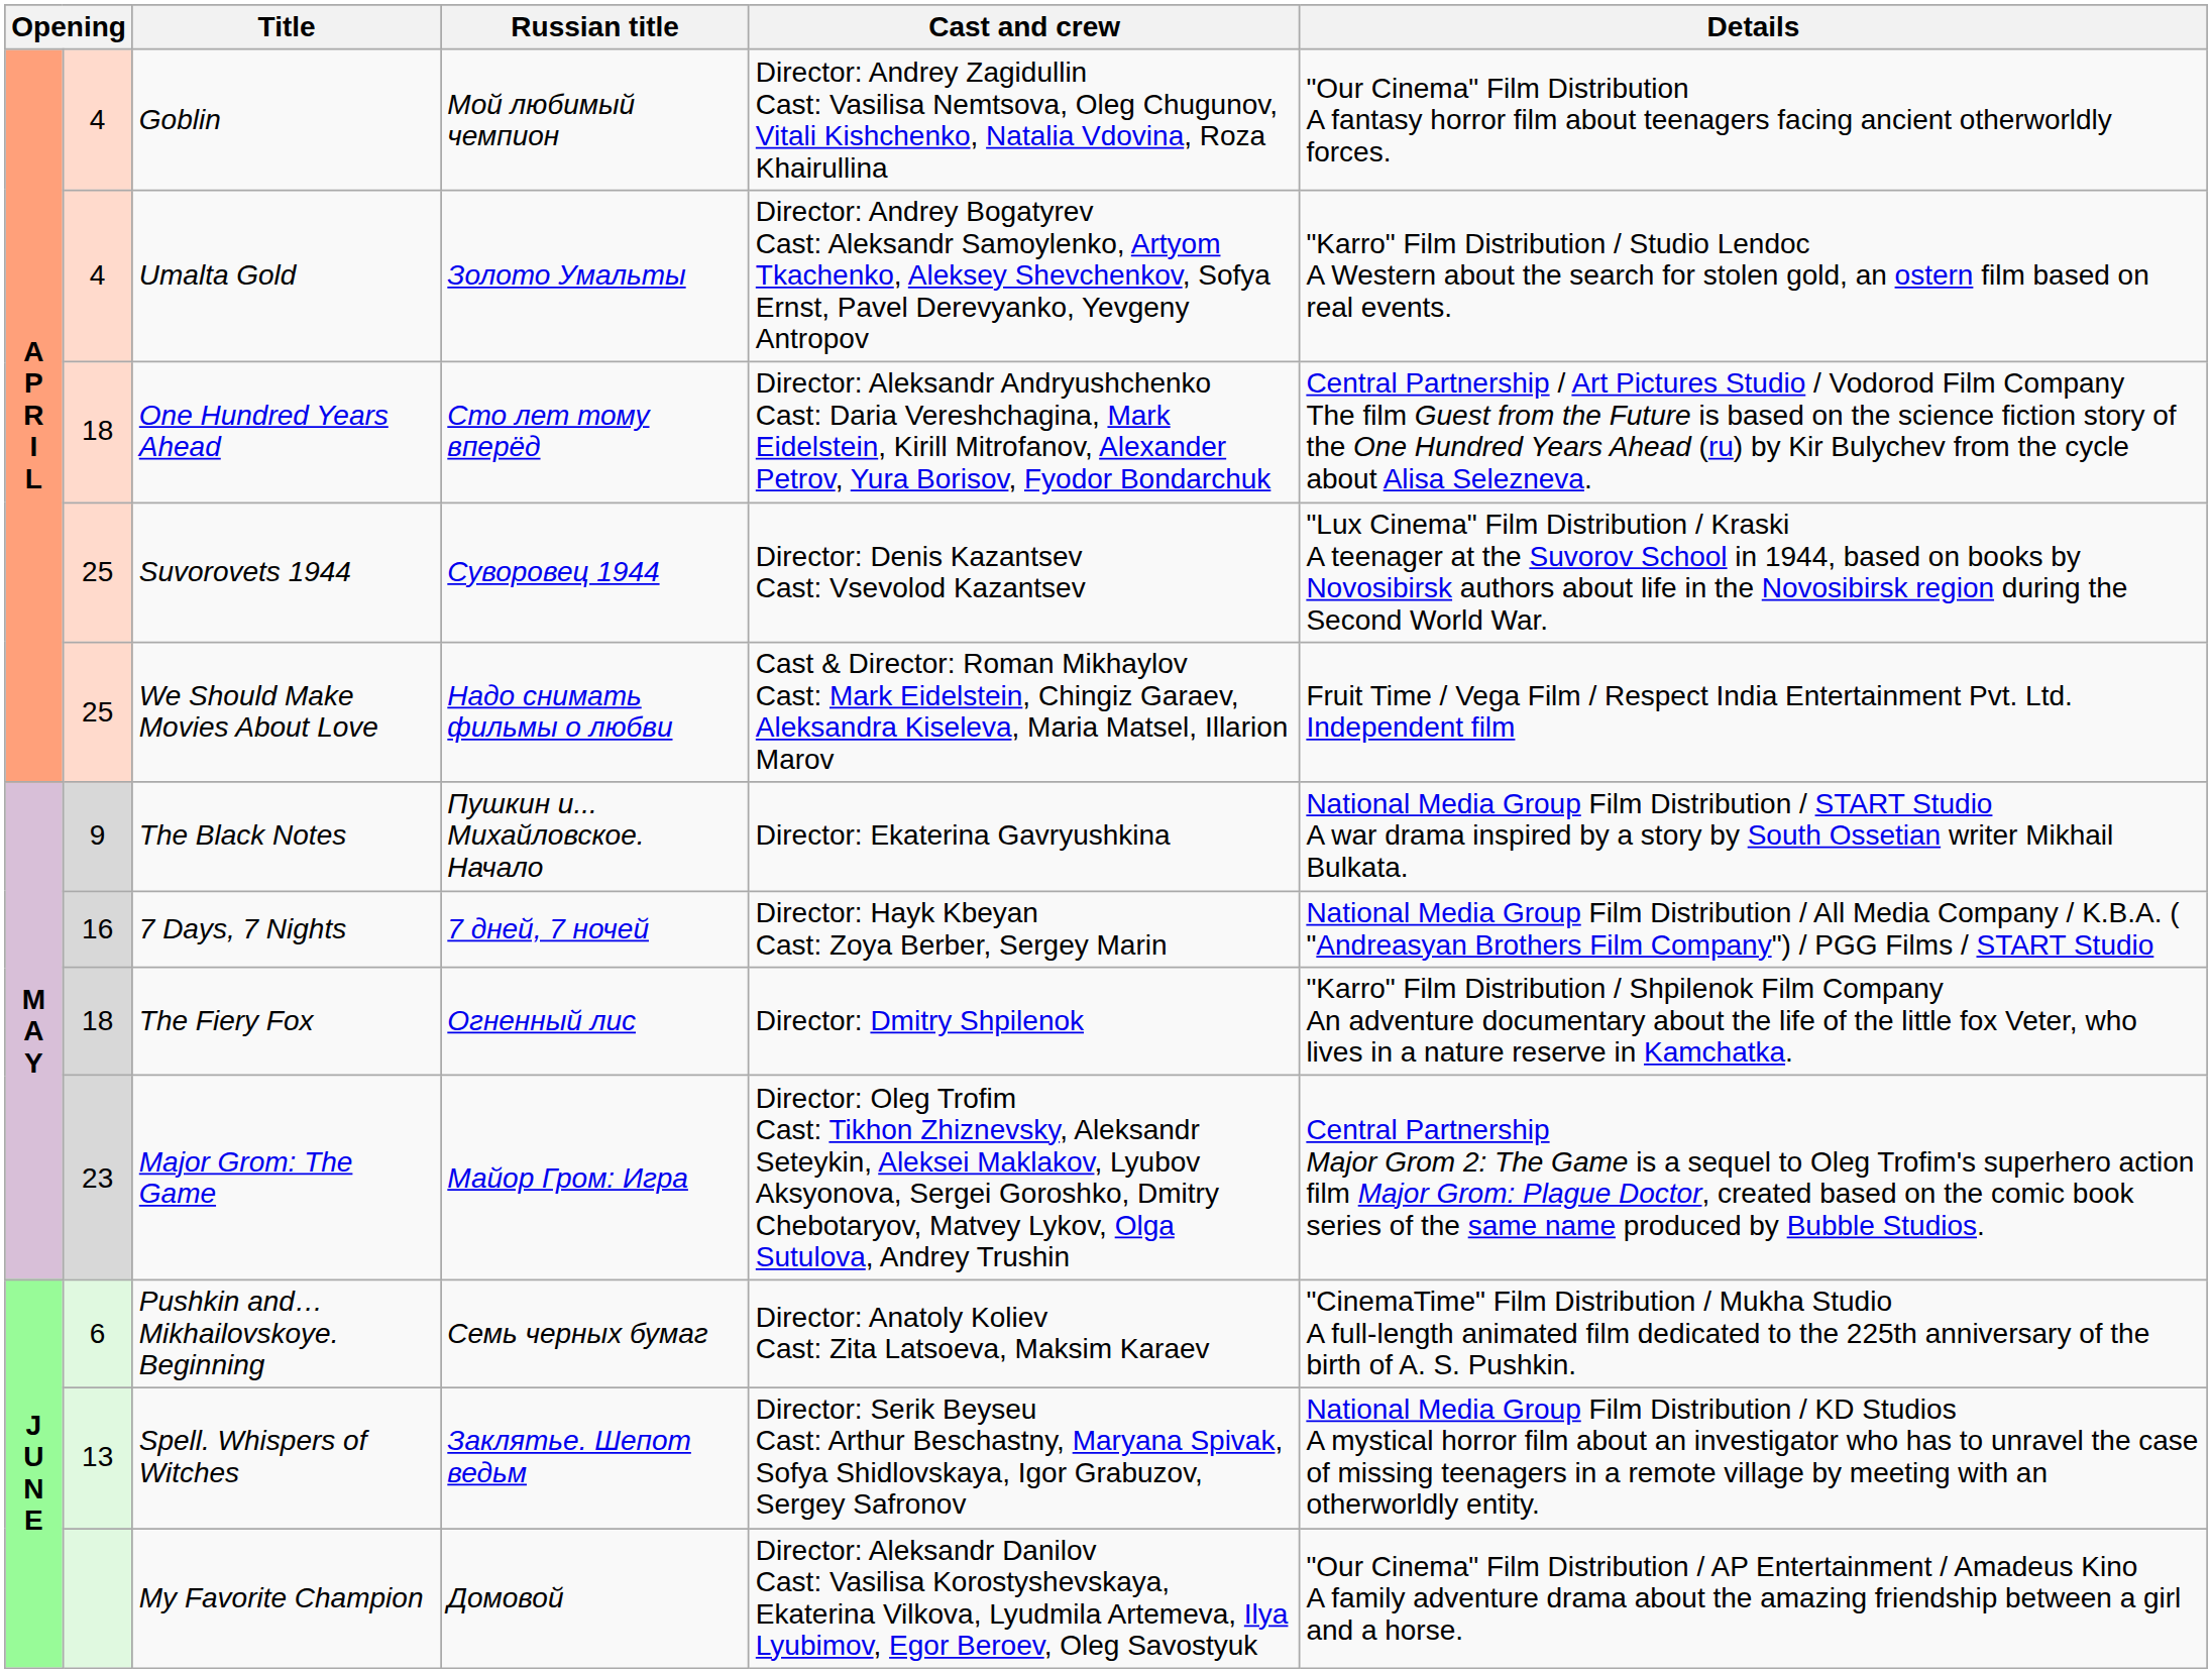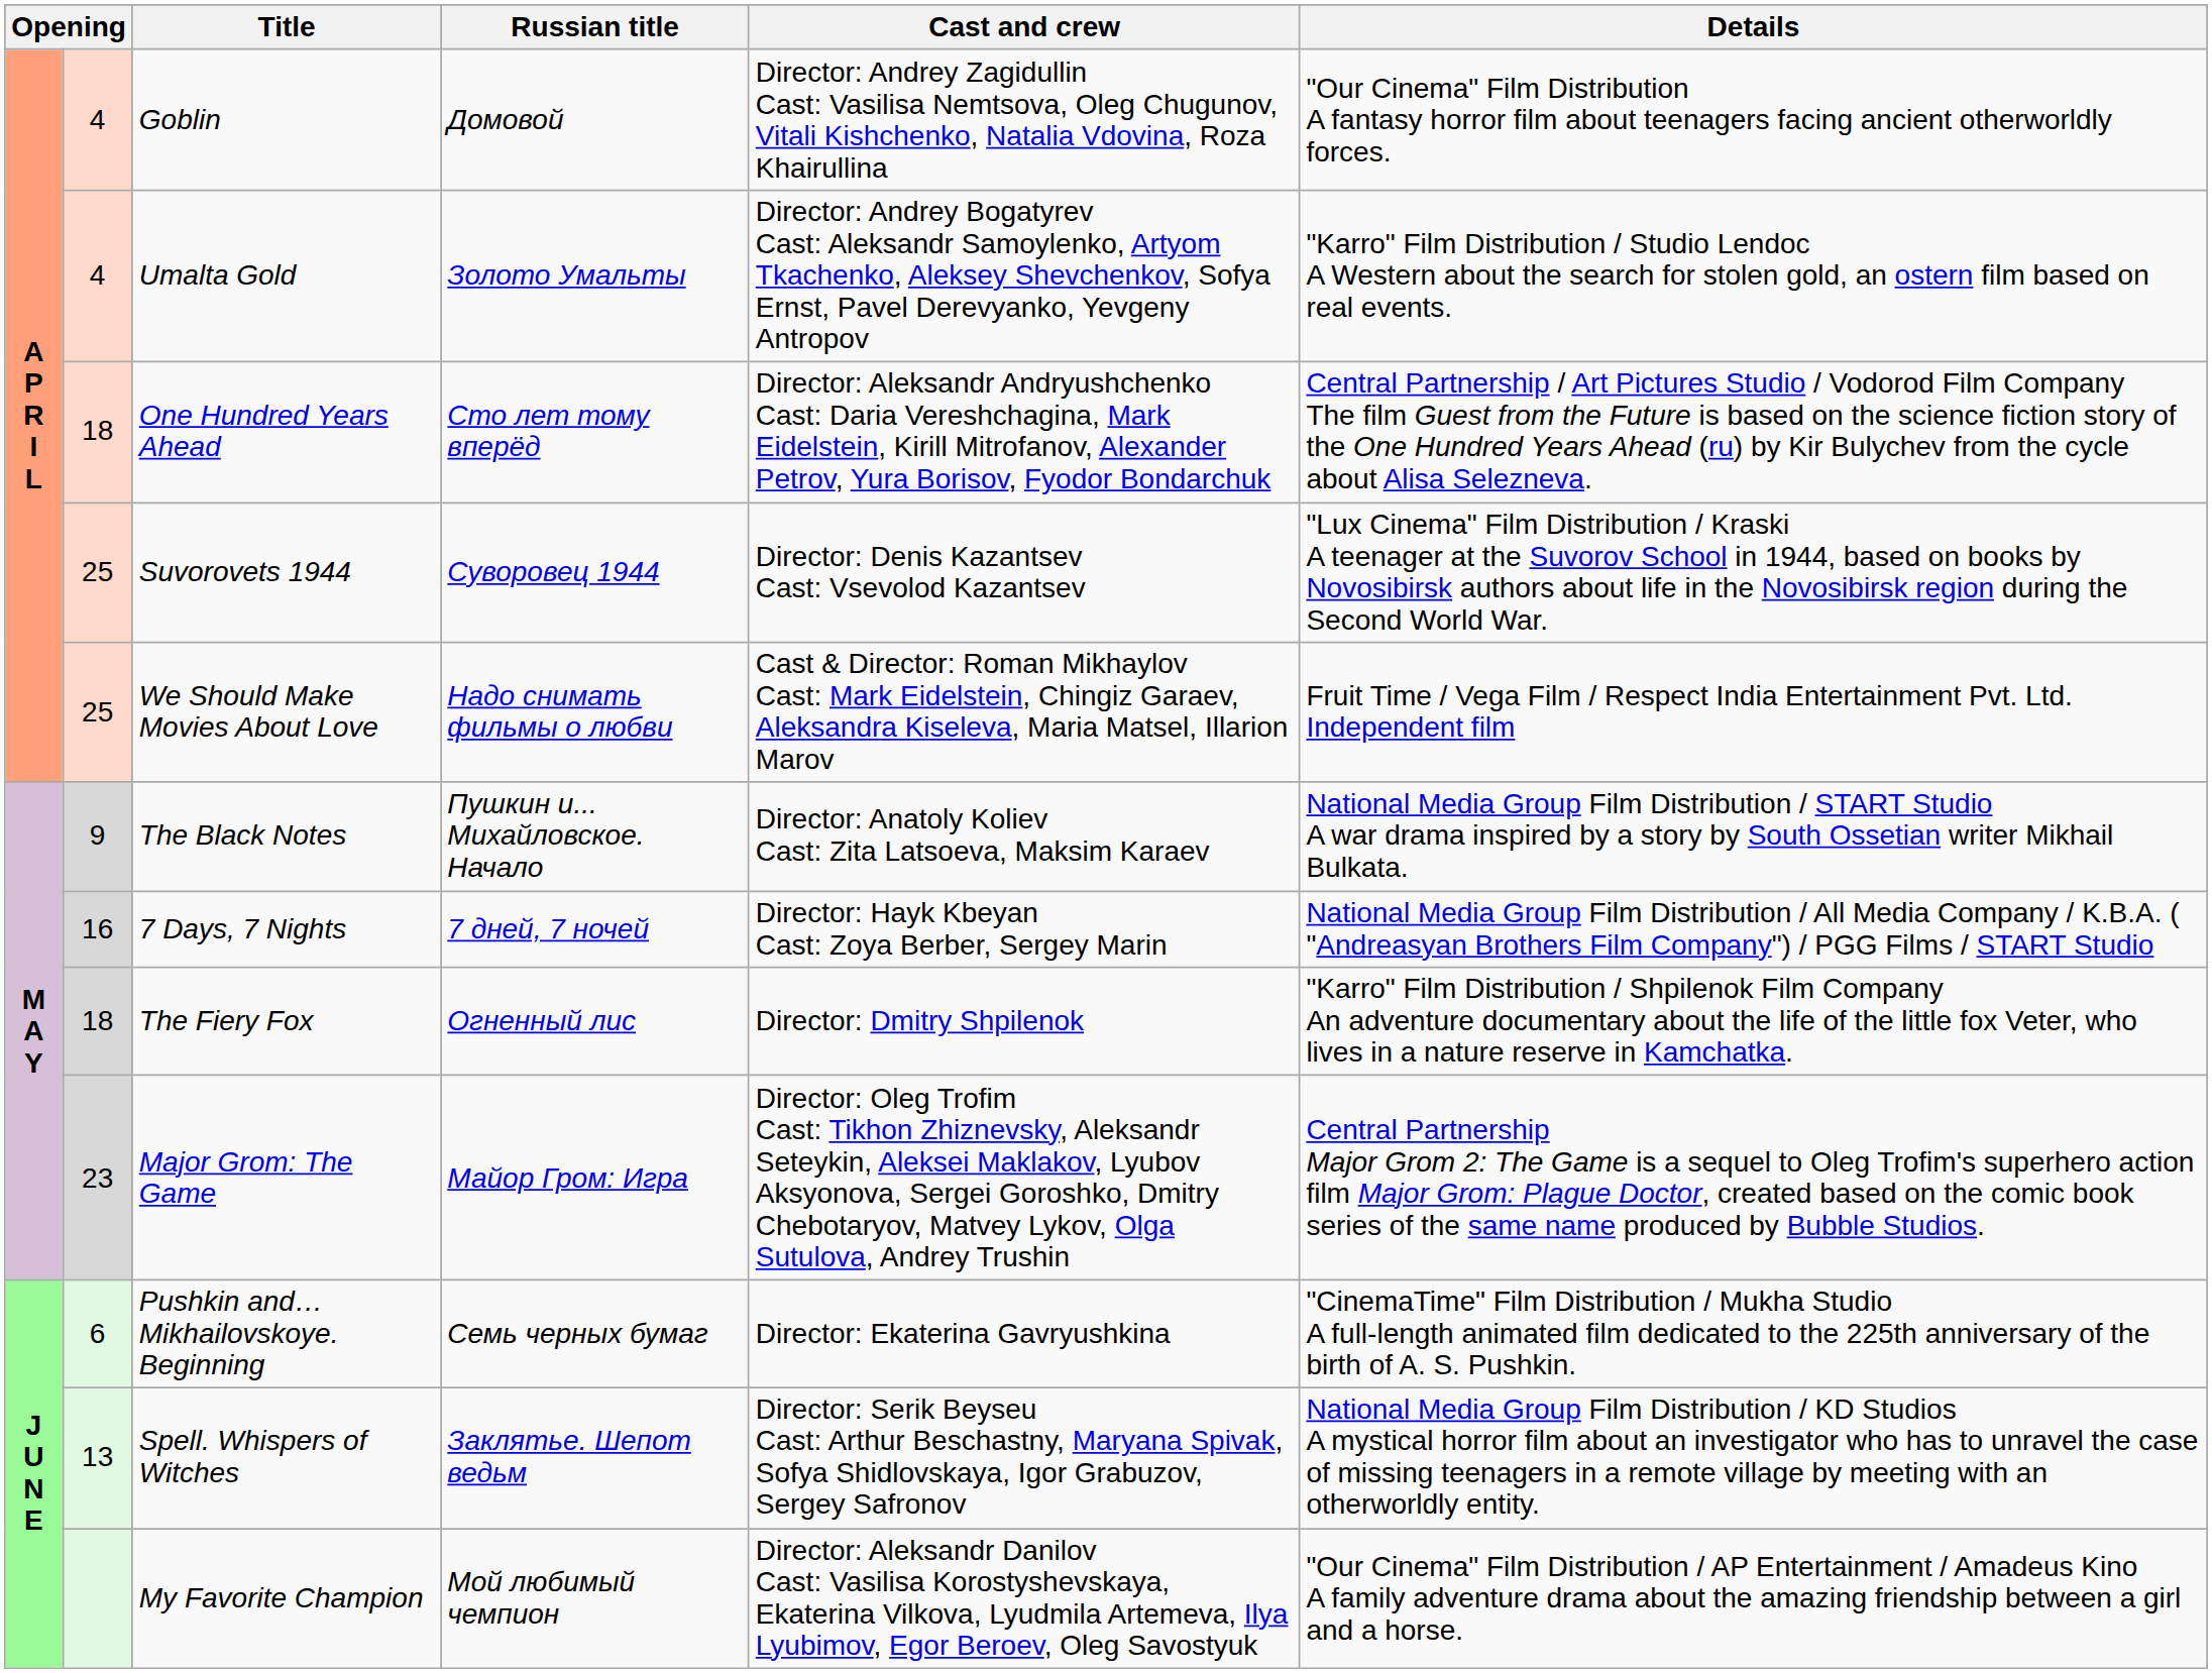 <table class="wikitable">
 <tr>
 <th colspan="2">Opening</th>
 <th style="width:14%;">Title</th>
 <th style="width:14%;">Russian title</th>
 <th style="width:25%;">Cast and crew</th>
 <th>Details</th>
 </tr>
 <tr>
 <th rowspan="5" align="center" style="background:#ffa07a; textcolor:#000;">A<br>P<br>R<br>I<br>L</th>
 <td align="center" style="background:#ffdacc;">4</td>
 <td><em>Goblin</em></td>
-<td><em>Мой любимый чемпион</em></td>
+<td><em>Домовой</em></td>
 <td>Director: Andrey Zagidullin <br> Cast: Vasilisa Nemtsova, Oleg Chugunov, <a href='#'>Vitali Kishchenko</a>, <a href='#'>Natalia Vdovina</a>, Roza Khairullina</td>
 <td>"Our Cinema" Film Distribution <br> A fantasy horror film about teenagers facing ancient otherworldly forces.</td>
 </tr>
 <tr>
 <td align="center" style="background:#ffdacc;">4</td>
 <td><em>Umalta Gold</em></td>
 <td><em><a href='#'>Золото Умальты</a></em></td>
 <td>Director: Andrey Bogatyrev <br> Cast: Aleksandr Samoylenko, <a href='#'>Artyom Tkachenko</a>, <a href='#'>Aleksey Shevchenkov</a>, Sofya Ernst, Pavel Derevyanko, Yevgeny Antropov</td>
 <td>"Karro" Film Distribution / Studio Lendoc <br> A Western about the search for stolen gold, an <a href='#'>ostern</a> film based on real events.</td>
 </tr>
 <tr>
 <td align="center" style="background:#ffdacc;">18</td>
 <td><em><a href='#'>One Hundred Years Ahead</a></em></td>
 <td><em><a href='#'>Сто лет тому вперёд</a></em></td>
 <td>Director: Aleksandr Andryushchenko <br> Cast: Daria Vereshchagina, <a href='#'>Mark Eidelstein</a>, Kirill Mitrofanov, <a href='#'>Alexander Petrov</a>, <a href='#'>Yura Borisov</a>, <a href='#'>Fyodor Bondarchuk</a></td>
 <td><a href='#'>Central Partnership</a> / <a href='#'>Art Pictures Studio</a> / Vodorod Film Company <br> The film <em>Guest from the Future</em> is based on the science fiction story of the <em>One Hundred Years Ahead</em> (<a href='#'>ru</a>) by Kir Bulychev from the cycle about <a href='#'>Alisa Selezneva</a>.</td>
 </tr>
 <tr>
 <td align="center" style="background:#ffdacc;">25</td>
 <td><em>Suvorovets 1944</em></td>
 <td><em><a href='#'>Суворовец 1944</a></em></td>
 <td>Director: Denis Kazantsev <br> Cast: Vsevolod Kazantsev</td>
 <td>"Lux Cinema" Film Distribution / Kraski <br> A teenager at the <a href='#'>Suvorov School</a> in 1944, based on books by <a href='#'>Novosibirsk</a> authors about life in the <a href='#'>Novosibirsk region</a> during the Second World War.</td>
 </tr>
 <tr>
 <td align="center" style="background:#ffdacc;">25</td>
 <td><em>We Should Make Movies About Love</em></td>
 <td><em><a href='#'>Надо снимать фильмы о любви</a></em></td>
 <td>Cast & Director: Roman Mikhaylov <br> Cast: <a href='#'>Mark Eidelstein</a>, Chingiz Garaev, <a href='#'>Aleksandra Kiseleva</a>, Maria Matsel, Illarion Marov</td>
 <td>Fruit Time / Vega Film / Respect India Entertainment Pvt. Ltd. <br> <a href='#'>Independent film</a></td>
 </tr>
 <tr>
 <th rowspan="4" align="center" style="background:thistle; textcolor:#000;">M<br>A<br>Y</th>
 <td align="center" style="background:#d8d8d8;">9</td>
 <td><em>The Black Notes</em></td>
 <td><em>Пушкин и... Михайловское. Начало</em></td>
-<td>Director: Ekaterina Gavryushkina</td>
+<td>Director: Anatoly Koliev <br> Cast: Zita Latsoeva, Maksim Karaev</td>
 <td><a href='#'>National Media Group</a> Film Distribution / <a href='#'>START Studio</a> <br> A war drama inspired by a story by <a href='#'>South Ossetian</a> writer Mikhail Bulkata.</td>
 </tr>
 <tr>
 <td align="center" style="background:#d8d8d8;">16</td>
 <td><em>7 Days, 7 Nights</em></td>
 <td><em><a href='#'>7 дней, 7 ночей</a></em></td>
 <td>Director: Hayk Kbeyan <br> Cast: Zoya Berber, Sergey Marin</td>
 <td><a href='#'>National Media Group</a> Film Distribution / All Media Company / K.B.A. ( "<a href='#'>Andreasyan Brothers Film Company</a>") / PGG Films / <a href='#'>START Studio</a></td>
 </tr>
 <tr>
 <td align="center" style="background:#d8d8d8;">18</td>
 <td><em>The Fiery Fox</em></td>
 <td><em><a href='#'>Огненный лис</a></em></td>
 <td>Director: <a href='#'>Dmitry Shpilenok</a></td>
 <td>"Karro" Film Distribution / Shpilenok Film Company <br> An adventure documentary about the life of the little fox Veter, who lives in a nature reserve in <a href='#'>Kamchatka</a>.</td>
 </tr>
 <tr>
 <td align="center" style="background:#d8d8d8;">23</td>
 <td><em><a href='#'>Major Grom: The Game</a></em></td>
 <td><em><a href='#'>Майор Гром: Игра</a></em></td>
 <td>Director: Oleg Trofim <br> Cast: <a href='#'>Tikhon Zhiznevsky</a>, Aleksandr Seteykin, <a href='#'>Aleksei Maklakov</a>, Lyubov Aksyonova, Sergei Goroshko, Dmitry Chebotaryov, Matvey Lykov, <a href='#'>Olga Sutulova</a>, Andrey Trushin</td>
 <td><a href='#'>Central Partnership</a> <br> <em>Major Grom 2: The Game</em> is a sequel to Oleg Trofim's superhero action film <em><a href='#'>Major Grom: Plague Doctor</a></em>, created based on the comic book series of the <a href='#'>same name</a> produced by <a href='#'>Bubble Studios</a>.</td>
 </tr>
 <tr>
 <th rowspan="3" style="text-align:center; background:#98fb98; textcolor:#000;">J<br>U<br>N<br>E</th>
 <td style="text-align:center; background:#e0f9e0;">6</td>
 <td><em>Pushkin and… Mikhailovskoye. Beginning</em></td>
 <td><em>Семь черных бумаг</em></td>
-<td>Director: Anatoly Koliev <br> Cast: Zita Latsoeva, Maksim Karaev</td>
+<td>Director: Ekaterina Gavryushkina</td>
 <td>"CinemaTime" Film Distribution / Mukha Studio <br> A full-length animated film dedicated to the 225th anniversary of the birth of A. S. Pushkin.</td>
 </tr>
 <tr>
 <td style="text-align:center; background:#e0f9e0;">13</td>
 <td><em>Spell. Whispers of Witches</em></td>
 <td><em><a href='#'>Заклятье. Шепот ведьм</a></em></td>
 <td>Director: Serik Beyseu <br> Cast: Arthur Beschastny, <a href='#'>Maryana Spivak</a>, Sofya Shidlovskaya, Igor Grabuzov, Sergey Safronov</td>
 <td><a href='#'>National Media Group</a> Film Distribution / KD Studios <br> A mystical horror film about an investigator who has to unravel the case of missing teenagers in a remote village by meeting with an otherworldly entity.</td>
 </tr>
 <tr>
 <td style="text-align:center; background:#e0f9e0;"></td>
 <td><em>My Favorite Champion</em></td>
-<td><em>Домовой</em></td>
+<td><em>Мой любимый чемпион</em></td>
 <td>Director: Aleksandr Danilov <br> Cast: Vasilisa Korostyshevskaya, Ekaterina Vilkova, Lyudmila Artemeva, <a href='#'>Ilya Lyubimov</a>, <a href='#'>Egor Beroev</a>, Oleg Savostyuk</td>
 <td>"Our Cinema" Film Distribution / AP Entertainment / Amadeus Kino <br> A family adventure drama about the amazing friendship between a girl and a horse.</td>
 </tr>
 </table>
